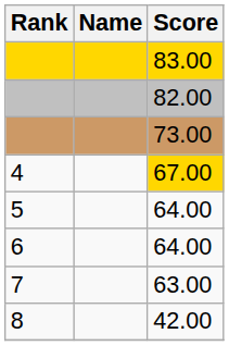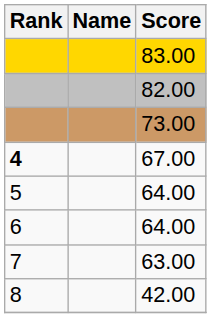 <table class="wikitable">
 <tr>
 <th>Rank</th>
 <th>Name</th>
 <th>Score</th>
 </tr>
 <tr style="background:gold;">
 <td></td>
 <td></td>
 <td>83.00</td>
 </tr>
 <tr style="background:silver;">
 <td></td>
 <td></td>
 <td>82.00</td>
 </tr>
 <tr style="background:#cc9966;">
 <td></td>
 <td></td>
 <td>73.00</td>
 </tr>
 <tr>
-<td>4</td>
+<td><strong>4</strong></td>
 <td></td>
-<td style="background: gold;">67.00</td>
+<td>67.00</td>
 </tr>
 <tr>
 <td>5</td>
 <td></td>
 <td>64.00</td>
 </tr>
 <tr>
 <td>6</td>
 <td></td>
 <td>64.00</td>
 </tr>
 <tr>
 <td>7</td>
 <td></td>
 <td>63.00</td>
 </tr>
 <tr>
 <td>8</td>
 <td></td>
 <td>42.00</td>
 </tr>
 <tr>
 </tr>
 </table>
